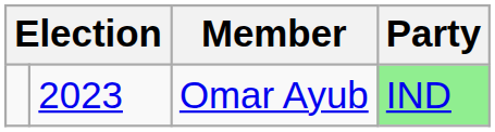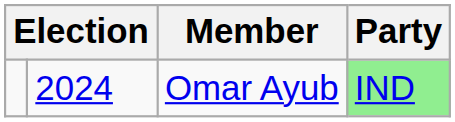 <table class="wikitable">
 <tr>
 <th colspan="2">Election</th>
 <th>Member</th>
 <th>Party</th>
 </tr>
 <tr>
 <td style="background-color: "></td>
-<td><a href='#'>2023</a></td>
+<td><a href='#'>2024</a></td>
 <td><a href='#'>Omar Ayub</a></td>
 <td style="background: lightgreen;"><a href='#'>IND</a></td>
 </tr>
 </table>
